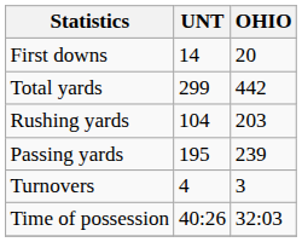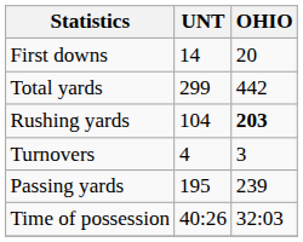 <table class="wikitable" style="float: left;">
 <tr>
 <th>Statistics</th>
 <th>UNT</th>
 <th>OHIO</th>
 </tr>
 <tr>
 <td>First downs</td>
 <td>14</td>
 <td>20</td>
 </tr>
 <tr>
 <td>Total yards</td>
 <td>299</td>
 <td>442</td>
 </tr>
 <tr>
 <td>Rushing yards</td>
 <td>104</td>
-<td>203</td>
+<td><strong>203</strong></td>
+</tr>
+<tr>
+<td>Turnovers</td>
+<td>4</td>
+<td>3</td>
 </tr>
 <tr>
 <td>Passing yards</td>
 <td>195</td>
 <td>239</td>
-</tr>
-<tr>
-<td>Turnovers</td>
-<td>4</td>
-<td>3</td>
 </tr>
 <tr>
 <td>Time of possession</td>
 <td>40:26</td>
 <td>32:03</td>
 </tr>
 <tr>
 </tr>
 </table>
